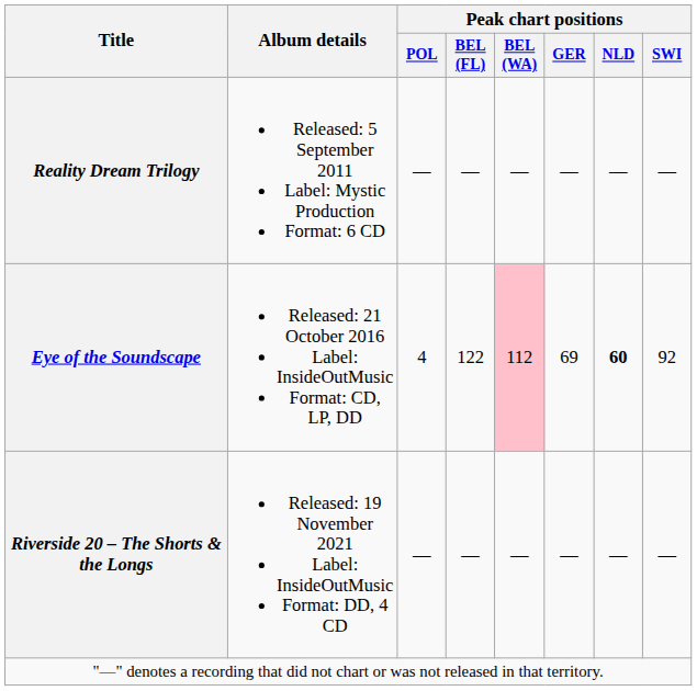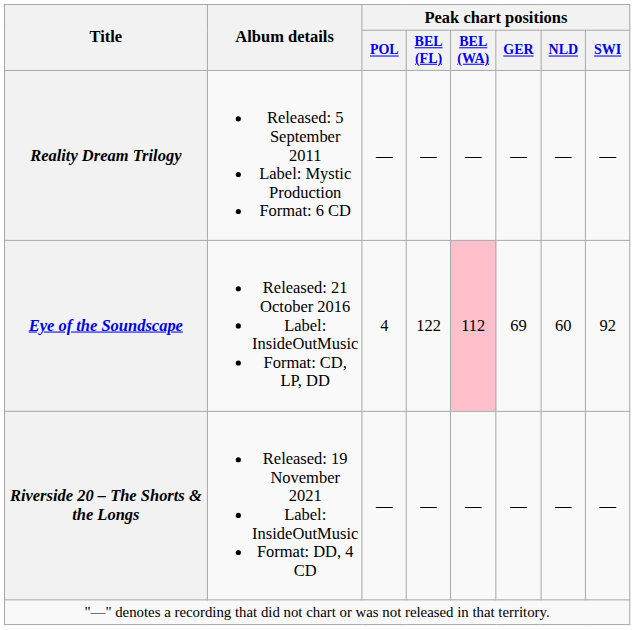 <table class="wikitable plainrowheaders" style="text-align:center;">
 <tr>
 <th scope="col" rowspan="2" style="width:15em;">Title</th>
 <th scope="col" rowspan="2">Album details</th>
 <th scope="col" colspan="6">Peak chart positions</th>
 </tr>
 <tr>
 <th scope="col" style="width:3em;font-size:85%;"><a href='#'>POL</a><br></th>
 <th scope="col" style="width:3em;font-size:85%;"><a href='#'>BEL (FL)</a><br></th>
 <th scope="col" style="width:3em;font-size:85%;"><a href='#'>BEL (WA)</a><br></th>
 <th scope="col" style="width:3em;font-size:85%;"><a href='#'>GER</a><br></th>
 <th scope="col" style="width:3em;font-size:85%;"><a href='#'>NLD</a><br></th>
 <th scope="col" style="width:3em;font-size:85%;"><a href='#'>SWI</a><br></th>
 </tr>
 <tr>
 <th scope="row"><em>Reality Dream Trilogy</em></th>
 <td><br><ul><li>Released: 5 September 2011</li><li>Label: Mystic Production</li><li>Format: 6 CD</li></ul></td>
 <td>—</td>
 <td>—</td>
 <td>—</td>
 <td>—</td>
 <td>—</td>
 <td>—</td>
 </tr>
 <tr>
 <th scope="row"><em><a href='#'>Eye of the Soundscape</a></em></th>
 <td><br><ul><li>Released: 21 October 2016</li><li>Label: InsideOutMusic</li><li>Format: CD, LP, DD</li></ul></td>
 <td>4</td>
 <td>122</td>
 <td style="background: pink;">112</td>
 <td>69</td>
-<td><strong>60</strong></td>
+<td>60</td>
 <td>92</td>
 </tr>
 <tr>
 <th scope="row"><em>Riverside 20 – The Shorts & the Longs</em></th>
 <td><br><ul><li>Released: 19 November 2021</li><li>Label: InsideOutMusic</li><li>Format: DD, 4 CD</li></ul></td>
 <td>—</td>
 <td>—</td>
 <td>—</td>
 <td>—</td>
 <td>—</td>
 <td>—</td>
 </tr>
 <tr>
 <td colspan="15" style="font-size:90%">"—" denotes a recording that did not chart or was not released in that territory.</td>
 </tr>
 </table>
